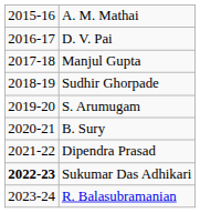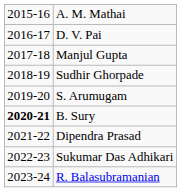 <table class="wikitable">
 <tr>
 <td>2015-16</td>
 <td>A. M. Mathai</td>
 </tr>
 <tr>
 <td>2016-17</td>
 <td>D. V. Pai</td>
 </tr>
 <tr>
 <td>2017-18</td>
 <td>Manjul Gupta</td>
 </tr>
 <tr>
 <td>2018-19</td>
 <td>Sudhir Ghorpade</td>
 </tr>
 <tr>
 <td>2019-20</td>
 <td>S. Arumugam</td>
 </tr>
 <tr>
-<td>2020-21</td>
+<td><strong>2020-21</strong></td>
 <td>B. Sury</td>
 </tr>
 <tr>
 <td>2021-22</td>
 <td>Dipendra Prasad</td>
 </tr>
 <tr>
-<td><strong>2022-23</strong></td>
+<td>2022-23</td>
 <td>Sukumar Das Adhikari</td>
 </tr>
 <tr>
 <td>2023-24</td>
 <td><a href='#'>R. Balasubramanian</a></td>
 </tr>
 </table>
